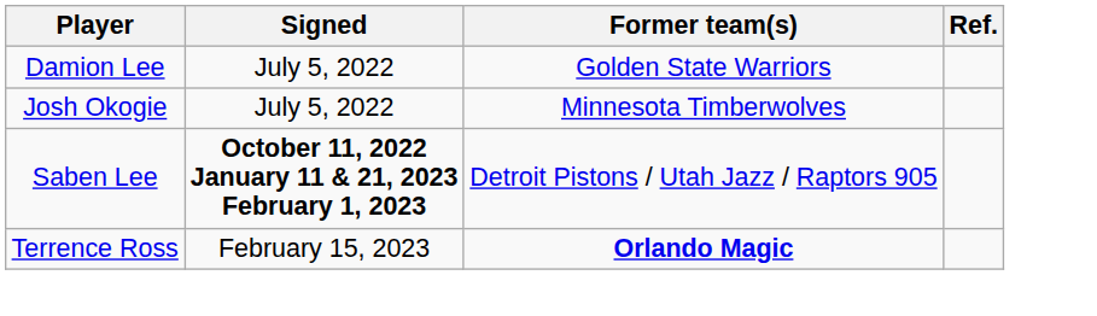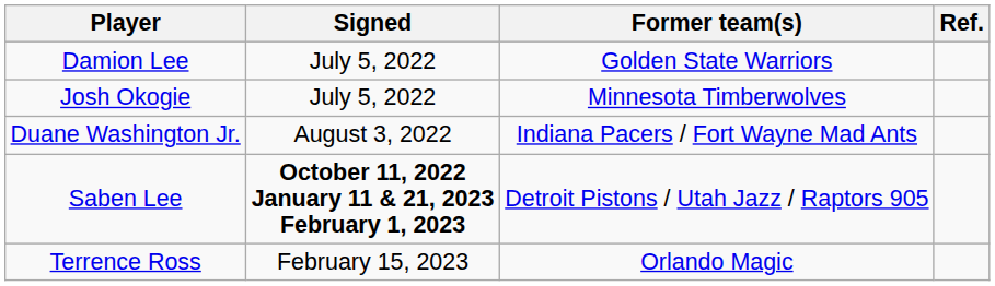 <table class="wikitable sortable sortable" style="text-align: center">
 <tr>
 <th>Player</th>
 <th>Signed</th>
 <th>Former team(s)</th>
 <th>Ref.</th>
 </tr>
 <tr>
 <td><a href='#'>Damion Lee</a></td>
 <td>July 5, 2022</td>
 <td><a href='#'>Golden State Warriors</a></td>
 <td></td>
 </tr>
 <tr>
 <td><a href='#'>Josh Okogie</a></td>
 <td>July 5, 2022</td>
 <td><a href='#'>Minnesota Timberwolves</a></td>
 <td></td>
 </tr>
 <tr>
+<td><a href='#'>Duane Washington Jr.</a></td>
+<td>August 3, 2022</td>
+<td><a href='#'>Indiana Pacers</a> / <a href='#'>Fort Wayne Mad Ants</a></td>
+<td></td>
+</tr>
+<tr>
 <td><a href='#'>Saben Lee</a></td>
 <td><strong>October 11, 2022<br>January 11 & 21, 2023<br>February 1, 2023</strong></td>
 <td><a href='#'>Detroit Pistons</a> / <a href='#'>Utah Jazz</a> / <a href='#'>Raptors 905</a></td>
 <td></td>
 </tr>
 <tr>
 <td><a href='#'>Terrence Ross</a></td>
 <td>February 15, 2023</td>
-<td><strong><a href='#'>Orlando Magic</a></strong></td>
+<td><a href='#'>Orlando Magic</a></td>
 <td></td>
 </tr>
 </table>
